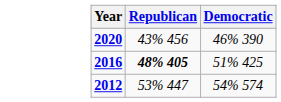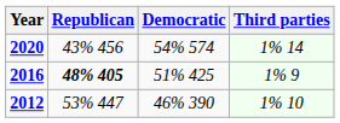 <table class="wikitable" style="float:right; font-size:95%;">
 <tr bgcolor=lightgrey>
 <th>Year</th>
 <th><a href='#'>Republican</a></th>
 <th><a href='#'>Democratic</a></th>
+<th><a href='#'>Third parties</a></th>
 </tr>
 <tr>
 <td style="text-align:center; "><strong><a href='#'>2020</a></strong></td>
 <td style="text-align:center; "><em>43%</em> <em>456</em></td>
-<td style="text-align:center; "><em>46%</em> <em>390</em></td>
+<td style="text-align:center; "><em>54%</em> <em>574</em></td>
+<td style="text-align:center; background:honeyDew;"><em>1%</em> <em>14</em></td>
 </tr>
 <tr>
 <td style="text-align:center; "><strong><a href='#'>2016</a></strong></td>
 <td style="text-align:center; "><strong><em>48%</em> <em>405</em></strong></td>
 <td style="text-align:center; "><em>51%</em> <em>425</em></td>
+<td style="text-align:center; background:honeyDew;"><em>1%</em> <em>9</em></td>
 </tr>
 <tr>
 <td style="text-align:center; "><strong><a href='#'>2012</a></strong></td>
 <td style="text-align:center; "><em>53%</em> <em>447</em></td>
-<td style="text-align:center; "><em>54%</em> <em>574</em></td>
+<td style="text-align:center; "><em>46%</em> <em>390</em></td>
+<td style="text-align:center; background:honeyDew;"><em>1%</em> <em>10</em></td>
 </tr>
 </table>
